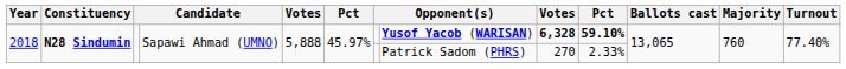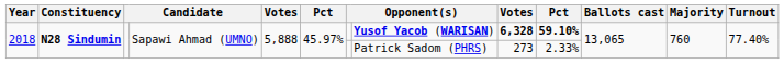 <table class="wikitable" style="margin:0.5em ; font-size:95%">
 <tr>
 <th>Year</th>
 <th>Constituency</th>
 <th colspan=2>Candidate</th>
 <th>Votes</th>
 <th>Pct</th>
 <th colspan=2>Opponent(s)</th>
 <th>Votes</th>
 <th>Pct</th>
 <th>Ballots cast</th>
 <th>Majority</th>
 <th>Turnout</th>
 </tr>
 <tr>
 <td rowspan=2><a href='#'>2018</a></td>
 <td rowspan=2><strong>N28 <a href='#'>Sindumin</a></strong></td>
 <td rowspan=2 ></td>
 <td rowspan=2>Sapawi Ahmad (<a href='#'>UMNO</a>)</td>
 <td rowspan=2 align="right">5,888</td>
 <td rowspan=2>45.97%</td>
 <td></td>
 <td><strong><a href='#'>Yusof Yacob</a></strong> (<a href='#'><strong>WARISAN</strong></a>)</td>
 <td align="right"><strong>6,328</strong></td>
 <td><strong>59.10%</strong></td>
 <td rowspan=2>13,065</td>
 <td rowspan=2>760</td>
 <td rowspan=2>77.40%</td>
 </tr>
 <tr>
 <td></td>
 <td>Patrick Sadom (<a href='#'>PHRS</a>)</td>
-<td align="right">270</td>
+<td align="right">273</td>
 <td align="right">2.33%</td>
 </tr>
 </table>
